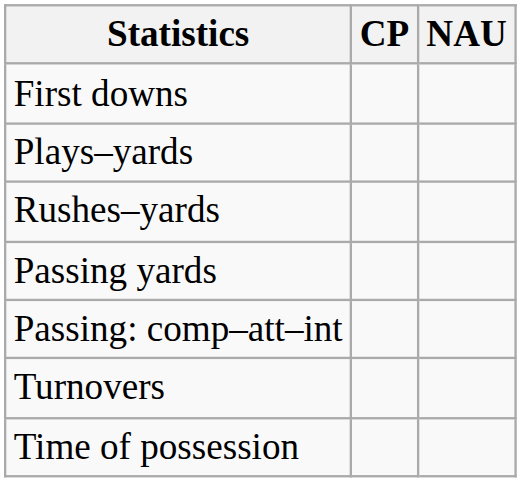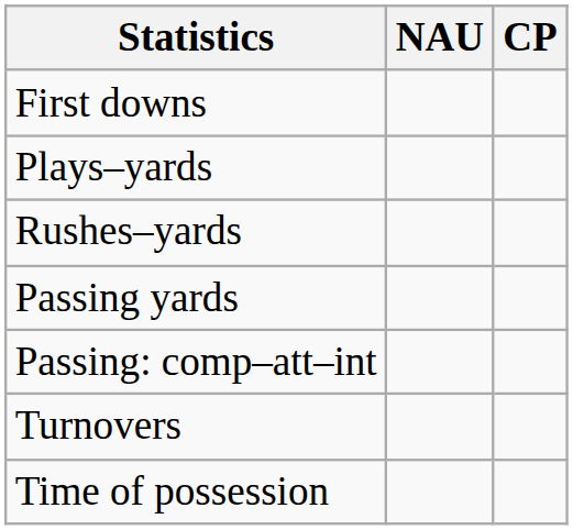 <table class="wikitable" style="float:left">
 <tr>
 <th>Statistics</th>
+<th>NAU</th>
 <th>CP</th>
-<th>NAU</th>
 </tr>
 <tr>
 <td>First downs</td>
 <td></td>
 <td></td>
 </tr>
 <tr>
 <td>Plays–yards</td>
 <td></td>
 <td></td>
 </tr>
 <tr>
 <td>Rushes–yards</td>
 <td></td>
 <td></td>
 </tr>
 <tr>
 <td>Passing yards</td>
 <td></td>
 <td></td>
 </tr>
 <tr>
 <td>Passing: comp–att–int</td>
 <td></td>
 <td></td>
 </tr>
 <tr>
 <td>Turnovers</td>
 <td></td>
 <td></td>
 </tr>
 <tr>
 <td>Time of possession</td>
 <td></td>
 <td></td>
 </tr>
 </table>
